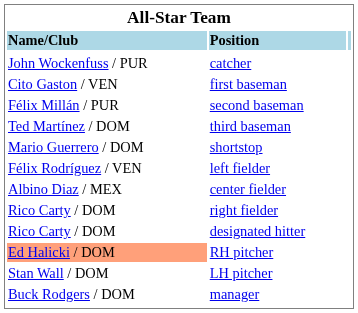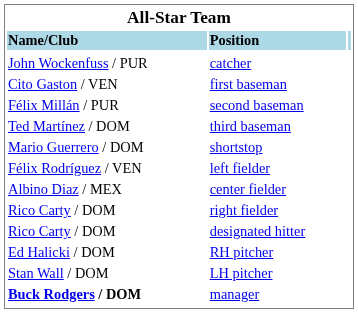 <table cellpadding="1" width="350px" style="font-size: 90%; border: 1px solid gray;">
 <tr align="center" style="font-size: larger;">
 <td colspan=6><strong>All-Star Team</strong></td>
 </tr>
 <tr style="background:lightblue;">
 <td><strong>Name/Club</strong></td>
 <td><strong>Position</strong></td>
 <td></td>
 </tr>
 <tr align="center" style="vertical-align: middle;" style="background:lightblue;">
 </tr>
 <tr>
 <td><a href='#'>John Wockenfuss</a> / PUR</td>
 <td><a href='#'>catcher</a></td>
 </tr>
 <tr>
 <td><a href='#'>Cito Gaston</a> / VEN</td>
 <td><a href='#'>first baseman</a></td>
 </tr>
 <tr>
 <td><a href='#'>Félix Millán</a> / PUR</td>
 <td><a href='#'>second baseman</a></td>
 </tr>
 <tr>
 <td><a href='#'>Ted Martínez</a> / DOM</td>
 <td><a href='#'>third baseman</a></td>
 </tr>
 <tr>
 <td><a href='#'>Mario Guerrero</a> / DOM</td>
 <td><a href='#'>shortstop</a></td>
 </tr>
 <tr>
 <td><a href='#'>Félix Rodríguez</a> / VEN</td>
 <td><a href='#'>left fielder</a></td>
 </tr>
 <tr>
 <td><a href='#'>Albino Diaz</a> / MEX</td>
 <td><a href='#'>center fielder</a></td>
 </tr>
 <tr>
 <td><a href='#'>Rico Carty</a> / DOM</td>
 <td><a href='#'>right fielder</a></td>
 </tr>
 <tr>
 <td><a href='#'>Rico Carty</a> / DOM</td>
 <td><a href='#'>designated hitter</a></td>
 </tr>
 <tr>
-<td style="background: lightsalmon;"><a href='#'>Ed Halicki</a> / DOM</td>
+<td><a href='#'>Ed Halicki</a> / DOM</td>
 <td><a href='#'>RH pitcher</a></td>
 </tr>
 <tr>
 <td><a href='#'>Stan Wall</a> / DOM</td>
 <td><a href='#'>LH pitcher</a></td>
 </tr>
 <tr>
-<td><a href='#'>Buck Rodgers</a> / DOM</td>
+<td><strong><a href='#'>Buck Rodgers</a> / DOM</strong></td>
 <td><a href='#'>manager</a></td>
 </tr>
 <tr>
 </tr>
 </table>
